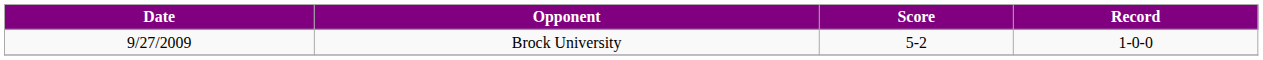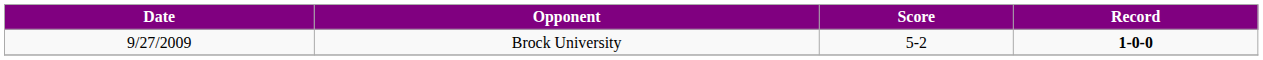 <table class="wikitable" width="80%">
 <tr align="center"  style=" background:purple;color:#FFFFFF;">
 <td><strong>Date</strong></td>
 <td><strong>Opponent</strong></td>
 <td><strong>Score</strong></td>
 <td><strong>Record</strong></td>
 </tr>
 <tr align="center" bgcolor="">
 <td>9/27/2009</td>
 <td>Brock University</td>
 <td>5-2</td>
-<td>1-0-0</td>
+<td><strong>1-0-0</strong></td>
 </tr>
 <tr align="center" bgcolor="">
 </tr>
 </table>
